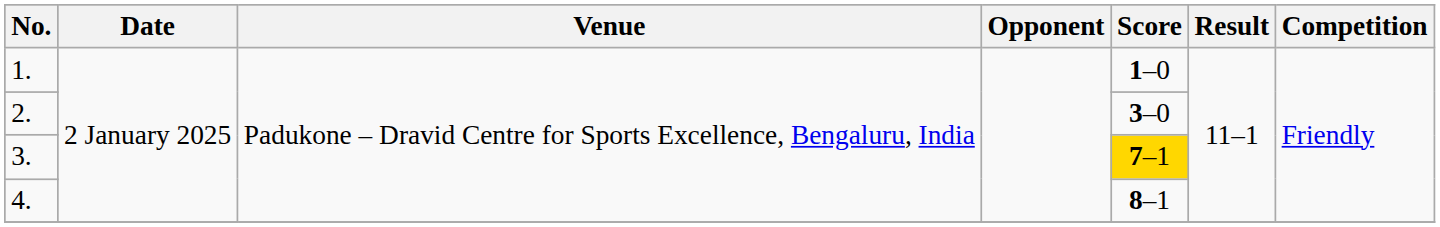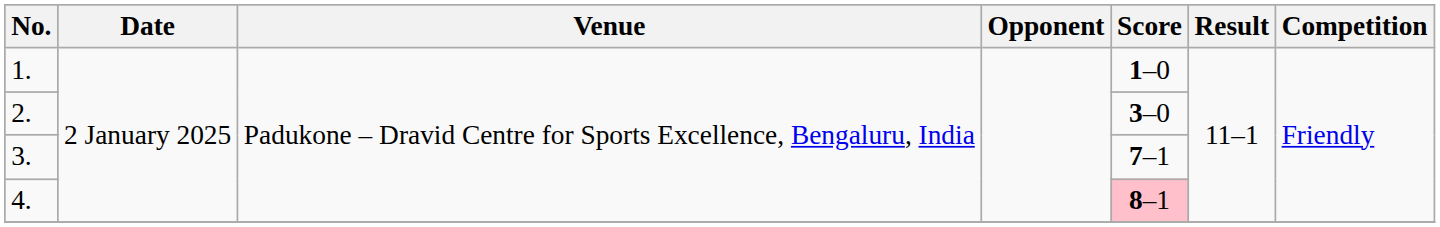 <table class="wikitable">
 <tr>
 <th>No.</th>
 <th>Date</th>
 <th>Venue</th>
 <th>Opponent</th>
 <th>Score</th>
 <th>Result</th>
 <th>Competition</th>
 </tr>
 <tr>
 <td>1.</td>
 <td rowspan=4>2 January 2025</td>
 <td rowspan=4>Padukone – Dravid Centre for Sports Excellence, <a href='#'>Bengaluru</a>, <a href='#'>India</a></td>
 <td rowspan=4></td>
 <td align=center><strong>1</strong>–0</td>
 <td rowspan=4 align=center>11–1</td>
 <td rowspan=4><a href='#'>Friendly</a></td>
 </tr>
 <tr>
 <td>2.</td>
 <td align=center><strong>3</strong>–0</td>
 </tr>
 <tr>
 <td>3.</td>
-<td align=center style="background: gold;"><strong>7</strong>–1</td>
+<td align=center><strong>7</strong>–1</td>
 </tr>
 <tr>
 <td>4.</td>
-<td align=center><strong>8</strong>–1</td>
+<td align=center style="background: pink;"><strong>8</strong>–1</td>
 </tr>
 <tr>
 </tr>
 </table>
